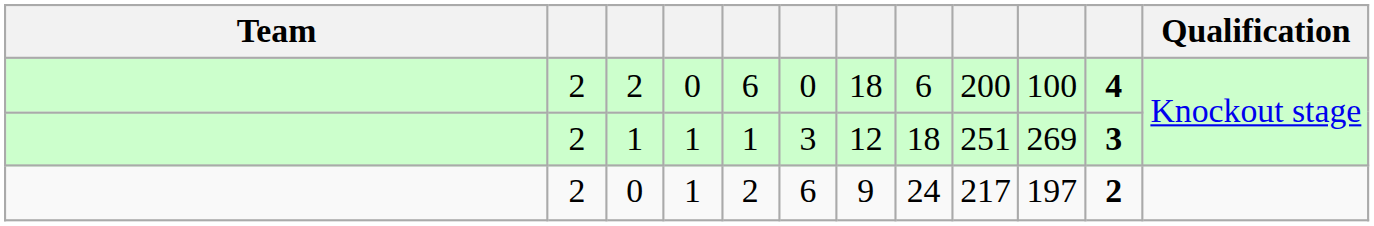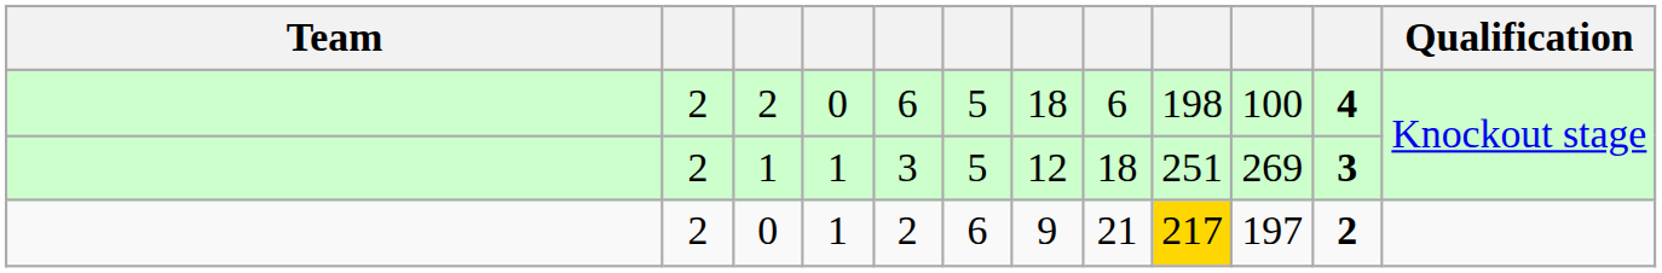 <table class=wikitable style="text-align:center">
 <tr>
 <th width=250>Team</th>
 <th width=20></th>
 <th width=20></th>
 <th width=20></th>
 <th width=20></th>
 <th width=20></th>
 <th width=20></th>
 <th width=20></th>
 <th width=20></th>
 <th width=20></th>
 <th width=20></th>
 <th>Qualification</th>
 </tr>
 <tr style="background-color:#ccffcc;">
 <td style="text-align:left;"></td>
 <td>2</td>
 <td>2</td>
 <td>0</td>
 <td>6</td>
-<td>0</td>
+<td>5</td>
 <td>18</td>
 <td>6</td>
-<td>200</td>
+<td>198</td>
 <td>100</td>
 <td><strong>4</strong></td>
 <td rowspan=2><a href='#'>Knockout stage</a></td>
 </tr>
 <tr style="background-color:#ccffcc;">
 <td style="text-align:left;"></td>
 <td>2</td>
 <td>1</td>
 <td>1</td>
-<td>1</td>
 <td>3</td>
+<td>5</td>
 <td>12</td>
 <td>18</td>
 <td>251</td>
 <td>269</td>
 <td><strong>3</strong></td>
 </tr>
 <tr>
 <td style="text-align:left;"></td>
 <td>2</td>
 <td>0</td>
 <td>1</td>
 <td>2</td>
 <td>6</td>
 <td>9</td>
-<td>24</td>
-<td>217</td>
+<td>21</td>
+<td style="background: gold;">217</td>
 <td>197</td>
 <td><strong>2</strong></td>
 <td></td>
 </tr>
 </table>
